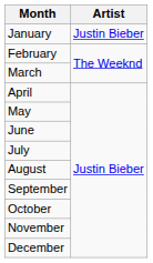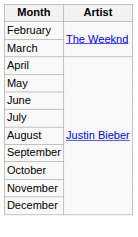 <table class="wikitable sortable plainrowheaders">
 <tr>
 <th>Month</th>
 <th>Artist</th>
-</tr>
-<tr>
-<td>January</td>
-<td><a href='#'>Justin Bieber</a></td>
 </tr>
 <tr>
 <td>February</td>
 <td rowspan="2"><a href='#'>The Weeknd</a></td>
 </tr>
 <tr>
 <td>March</td>
 </tr>
 <tr>
 <td>April</td>
 <td rowspan="9"><a href='#'>Justin Bieber</a></td>
 </tr>
 <tr>
 <td>May</td>
 </tr>
 <tr>
 <td>June</td>
 </tr>
 <tr>
 <td>July</td>
 </tr>
 <tr>
 <td>August</td>
 </tr>
 <tr>
 <td>September</td>
 </tr>
 <tr>
 <td>October</td>
 </tr>
 <tr>
 <td>November</td>
 </tr>
 <tr>
 <td>December</td>
 </tr>
 </table>
